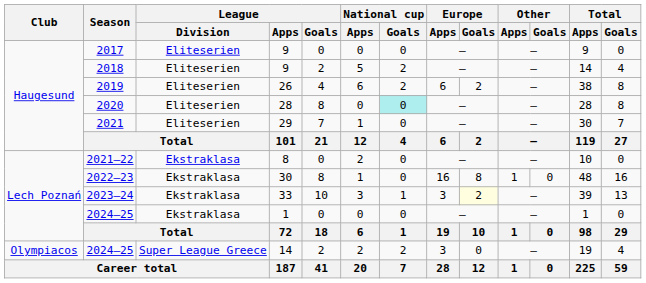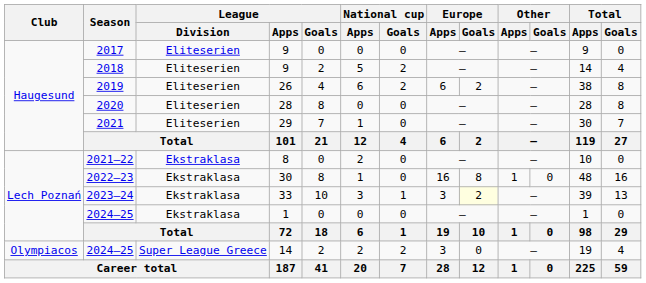 <table class="wikitable" style="text-align: center;">
 <tr>
 <th rowspan="2">Club</th>
 <th rowspan="2">Season</th>
 <th colspan="3">League</th>
 <th colspan="2">National cup</th>
 <th colspan="2">Europe</th>
 <th colspan="2">Other</th>
 <th colspan="2">Total</th>
 </tr>
 <tr>
 <th>Division</th>
 <th>Apps</th>
 <th>Goals</th>
 <th>Apps</th>
 <th>Goals</th>
 <th>Apps</th>
 <th>Goals</th>
 <th>Apps</th>
 <th>Goals</th>
 <th>Apps</th>
 <th>Goals</th>
 </tr>
 <tr>
 <td rowspan="6"><a href='#'>Haugesund</a></td>
 <td><a href='#'>2017</a></td>
 <td><a href='#'>Eliteserien</a></td>
 <td>9</td>
 <td>0</td>
 <td>0</td>
 <td>0</td>
 <td colspan="2">—</td>
 <td colspan="2">—</td>
 <td>9</td>
 <td>0</td>
 </tr>
 <tr>
 <td><a href='#'>2018</a></td>
 <td>Eliteserien</td>
 <td>9</td>
 <td>2</td>
 <td>5</td>
 <td>2</td>
 <td colspan="2">—</td>
 <td colspan="2">—</td>
 <td>14</td>
 <td>4</td>
 </tr>
 <tr>
 <td><a href='#'>2019</a></td>
 <td>Eliteserien</td>
 <td>26</td>
 <td>4</td>
 <td>6</td>
 <td>2</td>
 <td>6</td>
 <td>2</td>
 <td colspan="2">—</td>
 <td>38</td>
 <td>8</td>
 </tr>
 <tr>
 <td><a href='#'>2020</a></td>
 <td>Eliteserien</td>
 <td>28</td>
 <td>8</td>
 <td>0</td>
-<td style="background: paleturquoise;">0</td>
+<td>0</td>
 <td colspan="2">—</td>
 <td colspan="2">—</td>
 <td>28</td>
 <td>8</td>
 </tr>
 <tr>
 <td><a href='#'>2021</a></td>
 <td>Eliteserien</td>
 <td>29</td>
 <td>7</td>
 <td>1</td>
 <td>0</td>
 <td colspan="2">—</td>
 <td colspan="2">—</td>
 <td>30</td>
 <td>7</td>
 </tr>
 <tr>
 <th colspan="2">Total</th>
 <th>101</th>
 <th>21</th>
 <th>12</th>
 <th>4</th>
 <th>6</th>
 <th>2</th>
 <th colspan="2">—</th>
 <th>119</th>
 <th>27</th>
 </tr>
 <tr>
 <td rowspan="5"><a href='#'>Lech Poznań</a></td>
 <td><a href='#'>2021–22</a></td>
 <td><a href='#'>Ekstraklasa</a></td>
 <td>8</td>
 <td>0</td>
 <td>2</td>
 <td>0</td>
 <td colspan="2">—</td>
 <td colspan="2">—</td>
 <td>10</td>
 <td>0</td>
 </tr>
 <tr>
 <td><a href='#'>2022–23</a></td>
 <td>Ekstraklasa</td>
 <td>30</td>
 <td>8</td>
 <td>1</td>
 <td>0</td>
 <td>16</td>
 <td>8</td>
 <td>1</td>
 <td>0</td>
 <td>48</td>
 <td>16</td>
 </tr>
 <tr>
 <td><a href='#'>2023–24</a></td>
 <td>Ekstraklasa</td>
 <td>33</td>
 <td>10</td>
 <td>3</td>
 <td>1</td>
 <td>3</td>
 <td style="background: lightyellow;">2</td>
 <td colspan="2">—</td>
 <td>39</td>
 <td>13</td>
 </tr>
 <tr>
 <td><a href='#'>2024–25</a></td>
 <td>Ekstraklasa</td>
 <td>1</td>
 <td>0</td>
 <td>0</td>
 <td>0</td>
 <td colspan="2">—</td>
 <td colspan="2">—</td>
 <td>1</td>
 <td>0</td>
 </tr>
 <tr>
 <th colspan="2">Total</th>
 <th>72</th>
 <th>18</th>
 <th>6</th>
 <th>1</th>
 <th>19</th>
 <th>10</th>
 <th>1</th>
 <th>0</th>
 <th>98</th>
 <th>29</th>
 </tr>
 <tr>
 <td><a href='#'>Olympiacos</a></td>
 <td><a href='#'>2024–25</a></td>
 <td><a href='#'>Super League Greece</a></td>
 <td>14</td>
 <td>2</td>
 <td>2</td>
 <td>2</td>
 <td>3</td>
 <td>0</td>
 <td colspan="2">—</td>
 <td>19</td>
 <td>4</td>
 </tr>
 <tr>
 <th colspan="3">Career total</th>
 <th>187</th>
 <th>41</th>
 <th>20</th>
 <th>7</th>
 <th>28</th>
 <th>12</th>
 <th>1</th>
 <th>0</th>
 <th>225</th>
 <th>59</th>
 </tr>
 </table>
